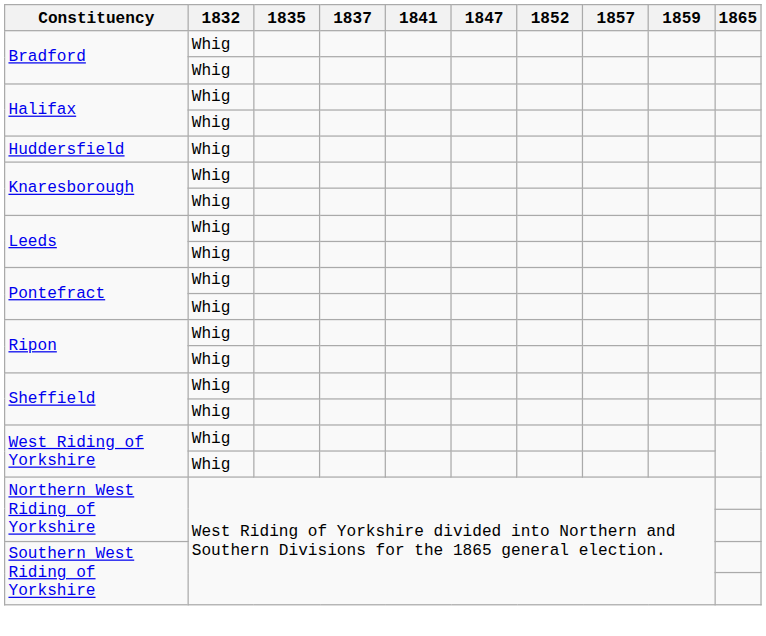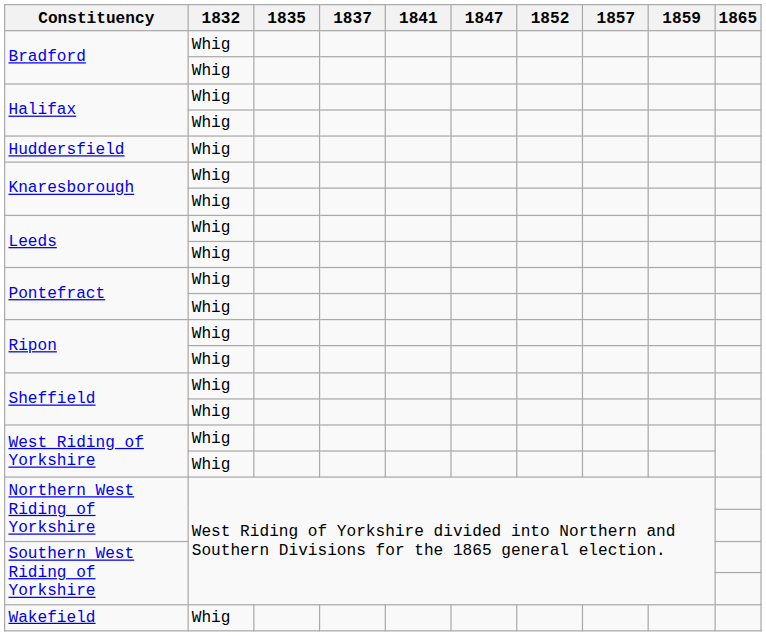 <table class=wikitable sortable>
 <tr>
 <th>Constituency</th>
 <th>1832</th>
 <th>1835</th>
 <th>1837</th>
 <th>1841</th>
 <th>1847</th>
 <th>1852</th>
 <th>1857</th>
 <th>1859</th>
 <th>1865</th>
 </tr>
 <tr>
 <td rowspan=2><a href='#'>Bradford</a></td>
 <td bgcolor=>Whig</td>
 <td></td>
 <td></td>
 <td></td>
 <td></td>
 <td></td>
 <td></td>
 <td></td>
 <td></td>
 </tr>
 <tr>
 <td bgcolor=>Whig</td>
 <td></td>
 <td></td>
 <td></td>
 <td></td>
 <td></td>
 <td></td>
 <td></td>
 <td></td>
 </tr>
 <tr>
 <td rowspan="2"><a href='#'>Halifax</a></td>
 <td>Whig</td>
 <td></td>
 <td></td>
 <td></td>
 <td></td>
 <td></td>
 <td></td>
 <td></td>
 <td></td>
 </tr>
 <tr>
 <td>Whig</td>
 <td></td>
 <td></td>
 <td></td>
 <td></td>
 <td></td>
 <td></td>
 <td></td>
 <td></td>
 </tr>
 <tr>
 <td><a href='#'>Huddersfield</a></td>
 <td>Whig</td>
 <td></td>
 <td></td>
 <td></td>
 <td></td>
 <td></td>
 <td></td>
 <td></td>
 <td></td>
 </tr>
 <tr>
 <td rowspan="2"><a href='#'>Knaresborough</a></td>
 <td>Whig</td>
 <td></td>
 <td></td>
 <td></td>
 <td></td>
 <td></td>
 <td></td>
 <td></td>
 <td></td>
 </tr>
 <tr>
 <td bgcolor=>Whig</td>
 <td></td>
 <td></td>
 <td></td>
 <td></td>
 <td></td>
 <td></td>
 <td></td>
 <td></td>
 </tr>
 <tr>
 <td rowspan="2"><a href='#'>Leeds</a></td>
 <td bgcolor=>Whig</td>
 <td></td>
 <td></td>
 <td></td>
 <td></td>
 <td></td>
 <td></td>
 <td></td>
 <td></td>
 </tr>
 <tr>
 <td bgcolor=>Whig</td>
 <td></td>
 <td></td>
 <td></td>
 <td></td>
 <td></td>
 <td></td>
 <td></td>
 <td></td>
 </tr>
 <tr>
 <td rowspan="2"><a href='#'>Pontefract</a></td>
 <td>Whig</td>
 <td></td>
 <td></td>
 <td></td>
 <td></td>
 <td></td>
 <td></td>
 <td></td>
 <td></td>
 </tr>
 <tr>
 <td>Whig</td>
 <td></td>
 <td></td>
 <td></td>
 <td></td>
 <td></td>
 <td></td>
 <td></td>
 <td></td>
 </tr>
 <tr>
 <td rowspan="2"><a href='#'>Ripon</a></td>
 <td>Whig</td>
 <td></td>
 <td></td>
 <td></td>
 <td></td>
 <td></td>
 <td></td>
 <td></td>
 <td></td>
 </tr>
 <tr>
 <td bgcolor=>Whig</td>
 <td></td>
 <td></td>
 <td></td>
 <td></td>
 <td></td>
 <td></td>
 <td></td>
 <td></td>
 </tr>
 <tr>
 <td rowspan=2><a href='#'>Sheffield</a></td>
 <td bgcolor=>Whig</td>
 <td></td>
 <td></td>
 <td></td>
 <td></td>
 <td></td>
 <td></td>
 <td></td>
 <td></td>
 </tr>
 <tr>
 <td bgcolor=>Whig</td>
 <td></td>
 <td></td>
 <td></td>
 <td></td>
 <td></td>
 <td></td>
 <td></td>
 <td></td>
 </tr>
 <tr>
 <td rowspan="2"><a href='#'>West Riding of Yorkshire</a></td>
 <td bgcolor=>Whig</td>
 <td></td>
 <td></td>
 <td></td>
 <td></td>
 <td></td>
 <td></td>
 <td></td>
 <td rowspan="2"></td>
 </tr>
 <tr>
 <td bgcolor=>Whig</td>
 <td></td>
 <td></td>
 <td></td>
 <td></td>
 <td></td>
 <td></td>
 <td></td>
 </tr>
 <tr>
 <td rowspan="2"><a href='#'>Northern West Riding of Yorkshire</a></td>
 <td colspan="8" rowspan="4">West Riding of Yorkshire divided into Northern and Southern Divisions for the 1865 general election.</td>
 <td></td>
 </tr>
 <tr>
 <td></td>
 </tr>
 <tr>
 <td rowspan="2"><a href='#'>Southern West Riding of Yorkshire</a></td>
 <td></td>
 </tr>
 <tr>
 <td></td>
 </tr>
+<tr>
+<td><a href='#'>Wakefield</a></td>
+<td>Whig</td>
+<td></td>
+<td></td>
+<td></td>
+<td></td>
+<td></td>
+<td></td>
+<td></td>
+<td></td>
+</tr>
 </table>
